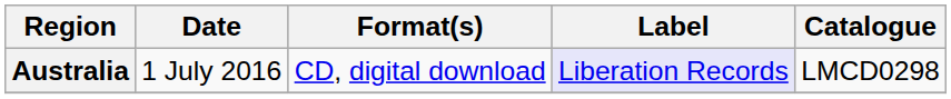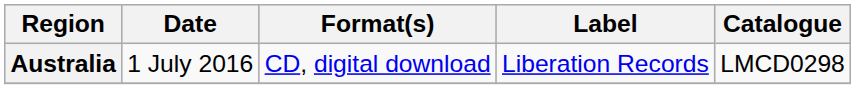 <table class="wikitable plainrowheaders">
 <tr>
 <th scope="col">Region</th>
 <th scope="col">Date</th>
 <th scope="col">Format(s)</th>
 <th scope="col">Label</th>
 <th scope="col">Catalogue</th>
 </tr>
 <tr>
 <th scope="row">Australia</th>
 <td>1 July 2016</td>
 <td><a href='#'>CD</a>, <a href='#'>digital download</a></td>
-<td style="background: lavender;"><a href='#'>Liberation Records</a></td>
+<td><a href='#'>Liberation Records</a></td>
 <td>LMCD0298</td>
 </tr>
 <tr>
 </tr>
 </table>
